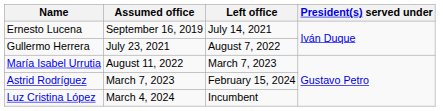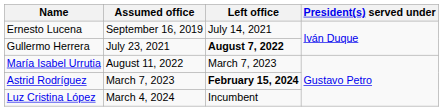 <table class="wikitable">
 <tr>
 <th>Name</th>
 <th>Assumed office</th>
 <th>Left office</th>
 <th><a href='#'>President(s)</a> served under</th>
 </tr>
 <tr>
 <td>Ernesto Lucena</td>
 <td>September 16, 2019</td>
 <td>July 14, 2021</td>
 <td rowspan="2"><a href='#'>Iván Duque</a></td>
 </tr>
 <tr>
 <td>Gullermo Herrera</td>
 <td>July 23, 2021</td>
-<td>August 7, 2022</td>
+<td><strong>August 7, 2022</strong></td>
 </tr>
 <tr>
 <td><a href='#'>María Isabel Urrutia</a></td>
 <td>August 11, 2022</td>
 <td>March 7, 2023</td>
 <td rowspan="3"><a href='#'>Gustavo Petro</a></td>
 </tr>
 <tr>
 <td><a href='#'>Astrid Rodríguez</a></td>
 <td>March 7, 2023</td>
-<td>February 15, 2024</td>
+<td><strong>February 15, 2024</strong></td>
 </tr>
 <tr>
 <td><a href='#'>Luz Cristina López</a></td>
 <td>March 4, 2024</td>
 <td>Incumbent</td>
 </tr>
 </table>
